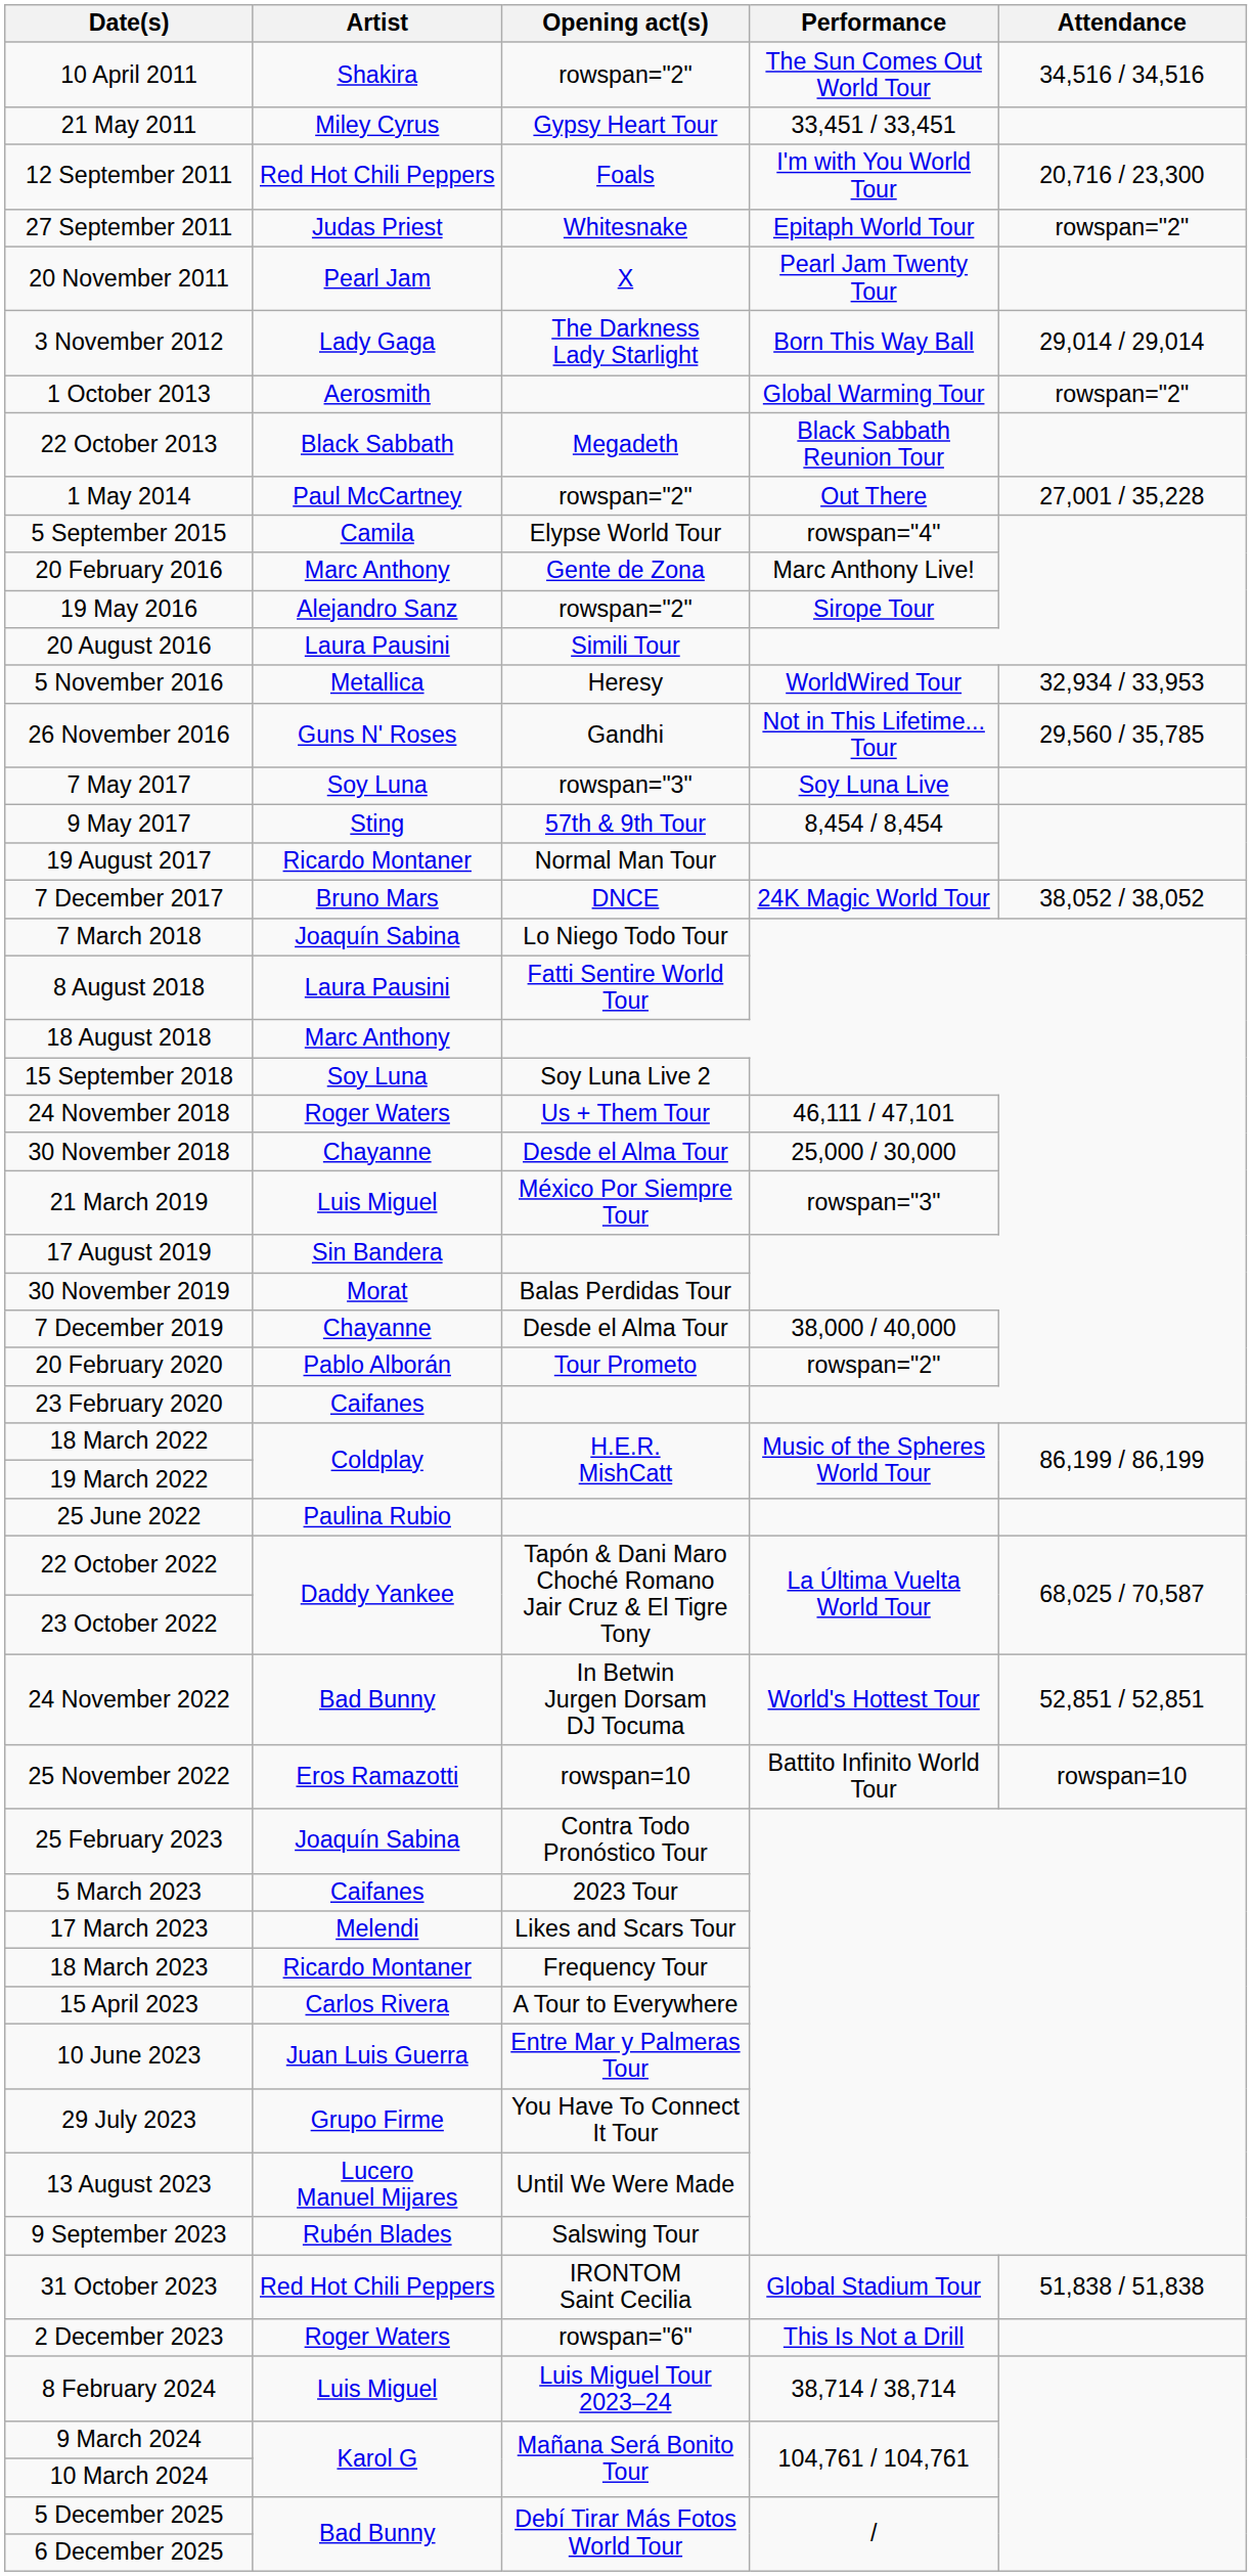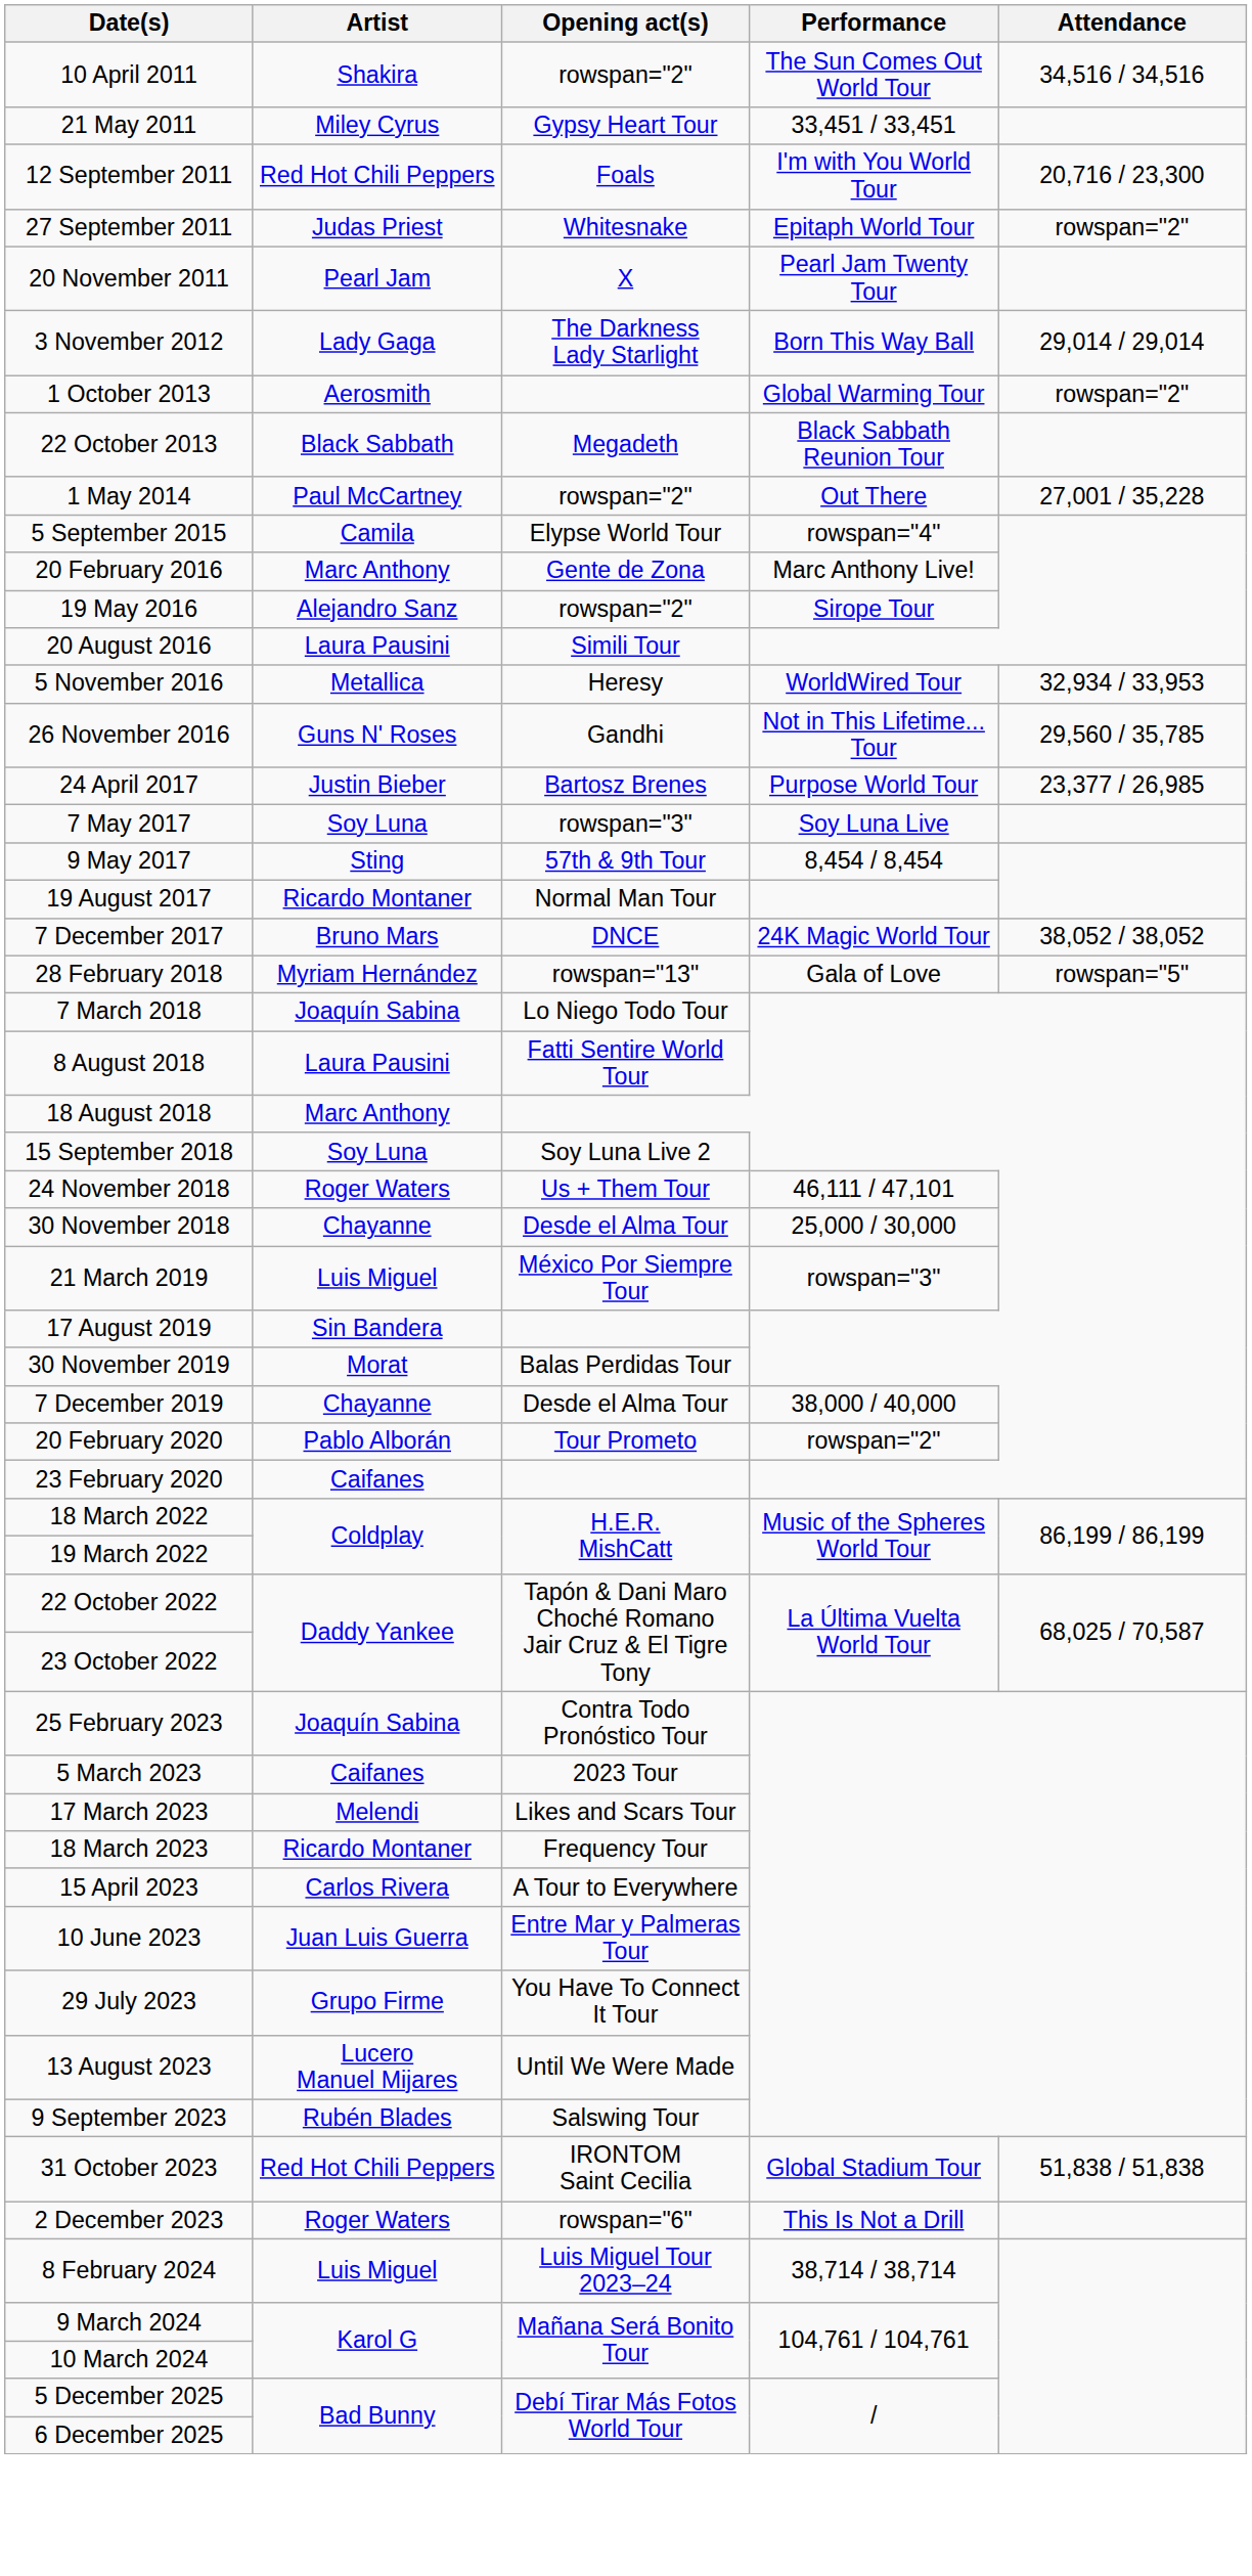 <table class="wikitable sortable" style="text-align:center;">
 <tr>
 <th scope="col" style="width:10em;">Date(s)</th>
 <th scope="col" style="width:10em;">Artist</th>
 <th scope="col" style="width:10em;">Opening act(s)</th>
 <th scope="col" style="width:10em;">Performance</th>
 <th scope="col" style="width:10em;">Attendance</th>
 </tr>
 <tr>
 <td>10 April 2011</td>
 <td><a href='#'>Shakira</a></td>
 <td>rowspan="2" </td>
 <td><a href='#'>The Sun Comes Out World Tour</a></td>
 <td>34,516 / 34,516</td>
 </tr>
 <tr>
 <td>21 May 2011</td>
 <td><a href='#'>Miley Cyrus</a></td>
 <td><a href='#'>Gypsy Heart Tour</a></td>
 <td>33,451 / 33,451</td>
 </tr>
 <tr>
 <td>12 September 2011</td>
 <td><a href='#'>Red Hot Chili Peppers</a></td>
 <td><a href='#'>Foals</a></td>
 <td><a href='#'>I'm with You World Tour</a></td>
 <td>20,716 / 23,300</td>
 </tr>
 <tr>
 <td>27 September 2011</td>
 <td><a href='#'>Judas Priest</a></td>
 <td><a href='#'>Whitesnake</a></td>
 <td><a href='#'>Epitaph World Tour</a></td>
 <td>rowspan="2" </td>
 </tr>
 <tr>
 <td>20 November 2011</td>
 <td><a href='#'>Pearl Jam</a></td>
 <td><a href='#'>X</a></td>
 <td><a href='#'>Pearl Jam Twenty Tour</a></td>
 </tr>
 <tr>
 <td>3 November 2012</td>
 <td><a href='#'>Lady Gaga</a></td>
 <td><a href='#'>The Darkness</a><br><a href='#'>Lady Starlight</a></td>
 <td><a href='#'>Born This Way Ball</a></td>
 <td>29,014 / 29,014</td>
 </tr>
 <tr>
 <td>1 October 2013</td>
 <td><a href='#'>Aerosmith</a></td>
 <td></td>
 <td><a href='#'>Global Warming Tour</a></td>
 <td>rowspan="2" </td>
 </tr>
 <tr>
 <td>22 October 2013</td>
 <td><a href='#'>Black Sabbath</a></td>
 <td><a href='#'>Megadeth</a></td>
 <td><a href='#'>Black Sabbath Reunion Tour</a></td>
 </tr>
 <tr>
 <td>1 May 2014</td>
 <td><a href='#'>Paul McCartney</a></td>
 <td>rowspan="2" </td>
 <td><a href='#'>Out There</a></td>
 <td>27,001 / 35,228</td>
 </tr>
 <tr>
 <td>5 September 2015</td>
 <td><a href='#'>Camila</a></td>
 <td>Elypse World Tour</td>
 <td>rowspan="4" </td>
 </tr>
 <tr>
 <td>20 February 2016</td>
 <td><a href='#'>Marc Anthony</a></td>
 <td><a href='#'>Gente de Zona</a></td>
 <td>Marc Anthony Live!</td>
 </tr>
 <tr>
 <td>19 May 2016</td>
 <td><a href='#'>Alejandro Sanz</a></td>
 <td>rowspan="2" </td>
 <td><a href='#'>Sirope Tour</a></td>
 </tr>
 <tr>
 <td>20 August 2016</td>
 <td><a href='#'>Laura Pausini</a></td>
 <td><a href='#'>Simili Tour</a></td>
 </tr>
 <tr>
 <td>5 November 2016</td>
 <td><a href='#'>Metallica</a></td>
 <td>Heresy</td>
 <td><a href='#'>WorldWired Tour</a></td>
 <td>32,934 / 33,953</td>
 </tr>
 <tr>
 <td>26 November 2016</td>
 <td><a href='#'>Guns N' Roses</a></td>
 <td>Gandhi</td>
 <td><a href='#'>Not in This Lifetime... Tour</a></td>
 <td>29,560 / 35,785</td>
 </tr>
 <tr>
+<td>24 April 2017</td>
+<td><a href='#'>Justin Bieber</a></td>
+<td><a href='#'>Bartosz Brenes</a></td>
+<td><a href='#'>Purpose World Tour</a></td>
+<td>23,377 / 26,985</td>
+</tr>
+<tr>
 <td>7 May 2017</td>
 <td><a href='#'>Soy Luna</a></td>
 <td>rowspan="3" </td>
 <td><a href='#'>Soy Luna Live</a></td>
 <td></td>
 </tr>
 <tr>
 <td>9 May 2017</td>
 <td><a href='#'>Sting</a></td>
 <td><a href='#'>57th & 9th Tour</a></td>
 <td>8,454 / 8,454</td>
 </tr>
 <tr>
 <td>19 August 2017</td>
 <td><a href='#'>Ricardo Montaner</a></td>
 <td>Normal Man Tour</td>
 <td></td>
 </tr>
 <tr>
 <td>7 December 2017</td>
 <td><a href='#'>Bruno Mars</a></td>
 <td><a href='#'>DNCE</a></td>
 <td><a href='#'>24K Magic World Tour</a></td>
 <td>38,052 / 38,052</td>
+</tr>
+<tr>
+<td>28 February 2018</td>
+<td><a href='#'>Myriam Hernández</a></td>
+<td>rowspan="13" </td>
+<td>Gala of Love</td>
+<td>rowspan="5" </td>
 </tr>
 <tr>
 <td>7 March 2018</td>
 <td><a href='#'>Joaquín Sabina</a></td>
 <td>Lo Niego Todo Tour</td>
 </tr>
 <tr>
 <td>8 August 2018</td>
 <td><a href='#'>Laura Pausini</a></td>
 <td><a href='#'>Fatti Sentire World Tour</a></td>
 </tr>
 <tr>
 <td>18 August 2018</td>
 <td><a href='#'>Marc Anthony</a></td>
 </tr>
 <tr>
 <td>15 September 2018</td>
 <td><a href='#'>Soy Luna</a></td>
 <td>Soy Luna Live 2</td>
 </tr>
 <tr>
 <td>24 November 2018</td>
 <td><a href='#'>Roger Waters</a></td>
 <td><a href='#'>Us + Them Tour</a></td>
 <td>46,111 / 47,101</td>
 </tr>
 <tr>
 <td>30 November 2018</td>
 <td><a href='#'>Chayanne</a></td>
 <td><a href='#'>Desde el Alma Tour</a></td>
 <td>25,000 / 30,000</td>
 </tr>
 <tr>
 <td>21 March 2019</td>
 <td><a href='#'>Luis Miguel</a></td>
 <td><a href='#'>México Por Siempre Tour</a></td>
 <td>rowspan="3" </td>
 </tr>
 <tr>
 <td>17 August 2019</td>
 <td><a href='#'>Sin Bandera</a></td>
 <td></td>
 </tr>
 <tr>
 <td>30 November 2019</td>
 <td><a href='#'>Morat</a></td>
 <td>Balas Perdidas Tour</td>
 </tr>
 <tr>
 <td>7 December 2019</td>
 <td><a href='#'>Chayanne</a></td>
 <td>Desde el Alma Tour</td>
 <td>38,000 / 40,000</td>
 </tr>
 <tr>
 <td>20 February 2020</td>
 <td><a href='#'>Pablo Alborán</a></td>
 <td><a href='#'>Tour Prometo</a></td>
 <td>rowspan="2" </td>
 </tr>
 <tr>
 <td>23 February 2020</td>
 <td><a href='#'>Caifanes</a></td>
 <td></td>
 </tr>
 <tr>
 <td>18 March 2022</td>
 <td rowspan="2"><a href='#'>Coldplay</a></td>
 <td rowspan="2"><a href='#'>H.E.R.</a><br><a href='#'>MishCatt</a></td>
 <td rowspan="2"><a href='#'>Music of the Spheres World Tour</a></td>
 <td rowspan="2">86,199 / 86,199</td>
 </tr>
 <tr>
 <td>19 March 2022</td>
 </tr>
 <tr>
-<td>25 June 2022</td>
-<td><a href='#'>Paulina Rubio</a></td>
-<td></td>
-<td></td>
-<td></td>
-</tr>
-<tr>
 <td>22 October 2022</td>
 <td rowspan="2"><a href='#'>Daddy Yankee</a></td>
 <td rowspan="2">Tapón & Dani Maro<br>Choché Romano<br>Jair Cruz & El Tigre Tony</td>
 <td rowspan="2"><a href='#'>La Última Vuelta World Tour</a></td>
 <td rowspan="2">68,025 / 70,587</td>
 </tr>
 <tr>
 <td>23 October 2022</td>
-</tr>
-<tr>
-<td>24 November 2022</td>
-<td><a href='#'>Bad Bunny</a></td>
-<td>In Betwin<br>Jurgen Dorsam<br>DJ Tocuma</td>
-<td><a href='#'>World's Hottest Tour</a></td>
-<td>52,851 / 52,851</td>
-</tr>
-<tr>
-<td>25 November 2022</td>
-<td><a href='#'>Eros Ramazotti</a></td>
-<td>rowspan=10 </td>
-<td>Battito Infinito World Tour</td>
-<td>rowspan=10 </td>
 </tr>
 <tr>
 <td>25 February 2023</td>
 <td><a href='#'>Joaquín Sabina</a></td>
 <td>Contra Todo Pronóstico Tour</td>
 </tr>
 <tr>
 <td>5 March 2023</td>
 <td><a href='#'>Caifanes</a></td>
 <td>2023 Tour</td>
 </tr>
 <tr>
 <td>17 March 2023</td>
 <td><a href='#'>Melendi</a></td>
 <td>Likes and Scars Tour</td>
 </tr>
 <tr>
 <td>18 March 2023</td>
 <td><a href='#'>Ricardo Montaner</a></td>
 <td>Frequency Tour</td>
 </tr>
 <tr>
 <td>15 April 2023</td>
 <td><a href='#'>Carlos Rivera</a></td>
 <td>A Tour to Everywhere</td>
 </tr>
 <tr>
 <td>10 June 2023</td>
 <td><a href='#'>Juan Luis Guerra</a></td>
 <td><a href='#'>Entre Mar y Palmeras Tour</a></td>
 </tr>
 <tr>
 <td>29 July 2023</td>
 <td><a href='#'>Grupo Firme</a></td>
 <td>You Have To Connect It Tour</td>
 </tr>
 <tr>
 <td>13 August 2023</td>
 <td><a href='#'>Lucero</a><br><a href='#'>Manuel Mijares</a></td>
 <td>Until We Were Made</td>
 </tr>
 <tr>
 <td>9 September 2023</td>
 <td><a href='#'>Rubén Blades</a></td>
 <td>Salswing Tour</td>
 </tr>
 <tr>
 <td>31 October 2023</td>
 <td><a href='#'>Red Hot Chili Peppers</a></td>
 <td>IRONTOM<br>Saint Cecilia</td>
 <td><a href='#'>Global Stadium Tour</a></td>
 <td>51,838 / 51,838</td>
 </tr>
 <tr>
 <td>2 December 2023</td>
 <td><a href='#'>Roger Waters</a></td>
 <td>rowspan="6" </td>
 <td><a href='#'>This Is Not a Drill</a></td>
 <td></td>
 </tr>
 <tr>
 <td>8 February 2024</td>
 <td><a href='#'>Luis Miguel</a></td>
 <td><a href='#'>Luis Miguel Tour 2023–24</a></td>
 <td>38,714 / 38,714</td>
 </tr>
 <tr>
 <td>9 March 2024</td>
 <td rowspan="2"><a href='#'>Karol G</a></td>
 <td rowspan="2"><a href='#'>Mañana Será Bonito Tour</a></td>
 <td rowspan="2">104,761 / 104,761</td>
 </tr>
 <tr>
 <td>10 March 2024</td>
 </tr>
 <tr>
 <td>5 December 2025</td>
 <td rowspan="2"><a href='#'>Bad Bunny</a></td>
 <td rowspan="2"><a href='#'>Debí Tirar Más Fotos World Tour</a></td>
 <td rowspan="2">/</td>
 </tr>
 <tr>
 <td>6 December 2025</td>
 </tr>
 </table>
